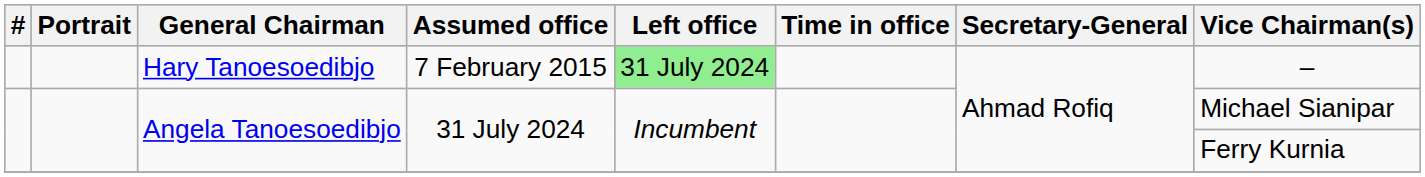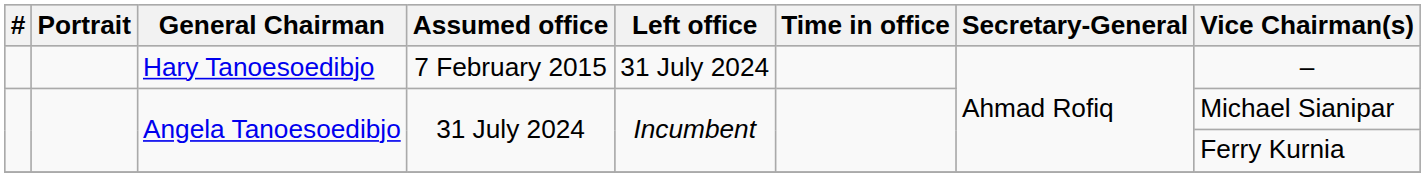 <table class="wikitable">
 <tr>
 <th>#</th>
 <th>Portrait</th>
 <th>General Chairman</th>
 <th>Assumed office</th>
 <th>Left office</th>
 <th>Time in office</th>
 <th>Secretary-General</th>
 <th>Vice Chairman(s)</th>
 </tr>
 <tr>
 <td style="text-align:center;background:"></td>
 <td></td>
 <td><a href='#'>Hary Tanoesoedibjo</a></td>
 <td style="text-align:center;">7 February 2015</td>
-<td style="background: lightgreen; text-align:center;">31 July 2024</td>
+<td style="text-align:center;">31 July 2024</td>
 <td style="text-align:center;"></td>
 <td rowspan="3">Ahmad Rofiq</td>
 <td style="text-align:center;">–</td>
 </tr>
 <tr>
 <td rowspan="2" style="text-align:center;background:"></td>
 <td rowspan="2"></td>
 <td rowspan="2"><a href='#'>Angela Tanoesoedibjo</a></td>
 <td rowspan="2" style="text-align:center;">31 July 2024</td>
 <td rowspan="2" style="text-align:center;"><em>Incumbent</em></td>
 <td rowspan="2" style="text-align:center;"></td>
 <td>Michael Sianipar</td>
 </tr>
 <tr>
 <td>Ferry Kurnia</td>
 </tr>
 <tr>
 </tr>
 </table>
